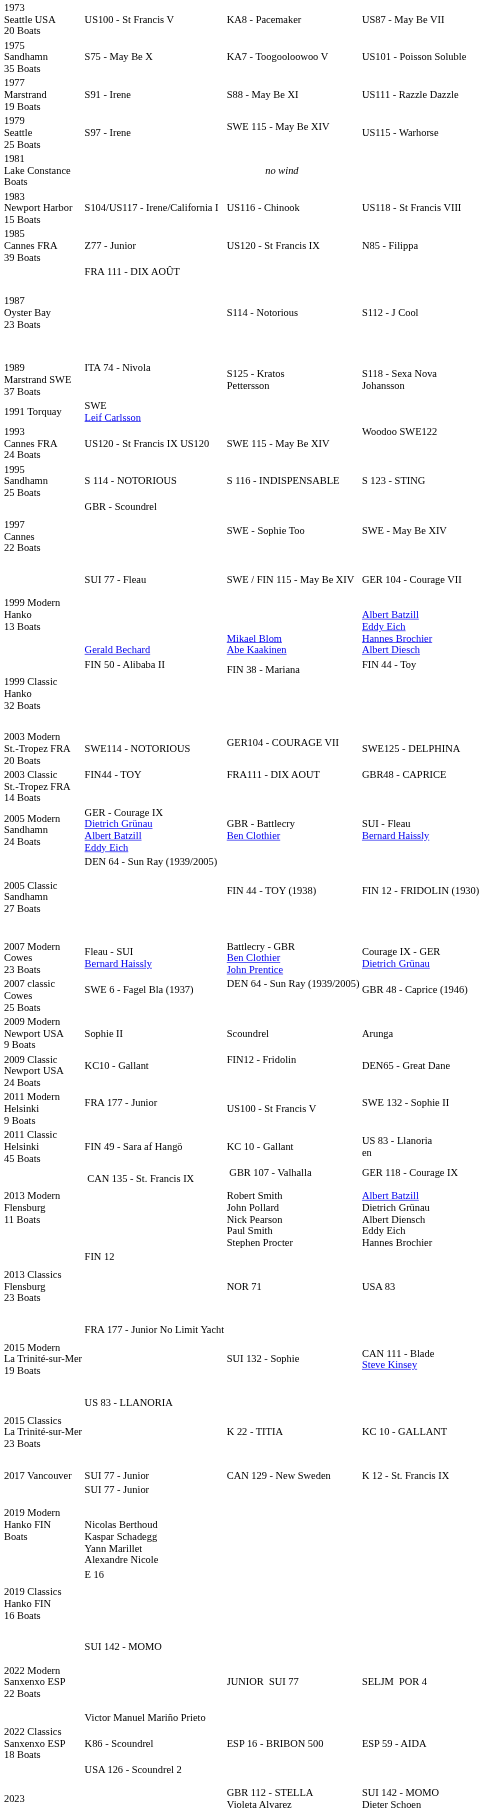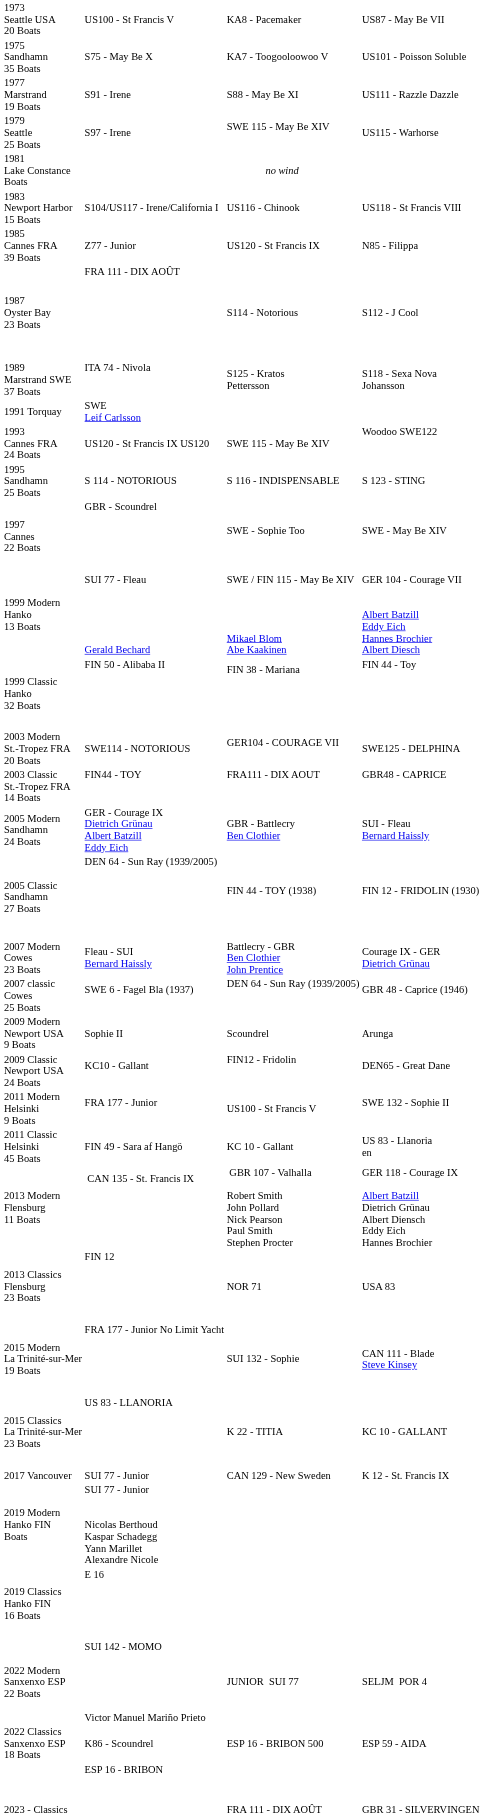 <table>
 <tr>
 <td>1973 <br>Seattle USA<br>20 Boats</td>
 <td>US100 - St Francis V<br></td>
 <td>KA8 - Pacemaker<br></td>
 <td>US87 - May Be VII<br></td>
 </tr>
 <tr>
 <td>1975 <br> Sandhamn<br>35 Boats</td>
 <td>S75 - May Be X<br></td>
 <td>KA7 - Toogooloowoo V</td>
 <td>US101 - Poisson Soluble</td>
 </tr>
 <tr>
 <td>1977 <br> Marstrand<br>19 Boats</td>
 <td>S91 - Irene<br></td>
 <td>S88 - May Be XI<br></td>
 <td>US111 - Razzle Dazzle<br></td>
 </tr>
 <tr>
 <td>1979 <br> Seattle<br>25 Boats</td>
 <td>S97 - Irene<br></td>
 <td>SWE 115 - May Be XIV<br><br></td>
 <td>US115 - Warhorse<br></td>
 </tr>
 <tr>
 <td>1981 <br> Lake Constance<br> Boats</td>
 <td colspan="3" style="text-align:center;"><em>no wind</em></td>
 </tr>
 <tr>
 <td>1983<br>Newport Harbor<br>15 Boats</td>
 <td>S104/US117 - Irene/California I<br></td>
 <td>US116 - Chinook <br></td>
 <td>US118 - St Francis VIII <br></td>
 </tr>
 <tr>
 <td>1985<br>Cannes FRA<br>39 Boats</td>
 <td>Z77 - Junior<br></td>
 <td>US120 - St Francis IX<br></td>
 <td>N85 - Filippa<br></td>
 </tr>
 <tr>
 <td>1987<br>Oyster Bay<br>23 Boats</td>
 <td>FRA 111 - DIX AOÛT<br><br><br> <br> <br> <br> <br> <br></td>
 <td>S114 - Notorious<br></td>
 <td>S112 - J Cool<br></td>
 </tr>
 <tr>
 <td>1989<br>Marstrand SWE<br>37 Boats</td>
 <td>ITA 74 - Nivola<br><br><br> </td>
 <td>S125 - Kratos <br>Pettersson</td>
 <td>S118 - Sexa Nova <br>Johansson</td>
 </tr>
 <tr>
 <td>1991 Torquay</td>
 <td>SWE<br><a href='#'>Leif Carlsson</a></td>
 <td></td>
 <td></td>
 </tr>
 <tr>
 <td>1993 <br> Cannes FRA<br> 24 Boats</td>
 <td>US120 - St Francis IX US120<br></td>
 <td>SWE 115 - May Be XIV<br> </td>
 <td>Woodoo SWE122 <br><br><br> </td>
 </tr>
 <tr>
 <td>1995 <br> Sandhamn <br>25 Boats</td>
 <td>S 114 - NOTORIOUS <br></td>
 <td>S 116 - INDISPENSABLE<br></td>
 <td>S 123 - STING<br></td>
 </tr>
 <tr>
 <td>1997<br> Cannes<br>22 Boats</td>
 <td>GBR - Scoundrel<br><br><br> <br> <br> <br> </td>
 <td>SWE - Sophie Too<br><br></td>
 <td>SWE - May Be XIV<br><br></td>
 </tr>
 <tr>
 <td>1999 Modern<br>Hanko<br>13 Boats</td>
 <td>SUI 77 - Fleau<br><br><br> <br> <br> <br> <a href='#'>Gerald Bechard</a></td>
 <td>SWE / FIN 115 - May Be XIV<br><br><br> <br> <br> <a href='#'>Mikael Blom</a><br> <a href='#'>Abe Kaakinen</a></td>
 <td>GER 104 - Courage VII<br><br><br> <a href='#'>Albert Batzill</a><br> <a href='#'>Eddy Eich</a><br> <a href='#'>Hannes Brochier</a><br> <a href='#'>Albert Diesch</a></td>
 </tr>
 <tr>
 <td>1999 Classic<br>Hanko<br>32 Boats</td>
 <td>FIN 50 - Alibaba II<br><br><br> <br> <br> <br> </td>
 <td>FIN 38 - Mariana<br><br><br> <br> <br> </td>
 <td>FIN 44 - Toy<br><br><br> <br> <br> <br> </td>
 </tr>
 <tr>
 <td>2003 Modern<br>St.-Tropez FRA <br>20 Boats</td>
 <td>SWE114 - NOTORIOUS<br></td>
 <td>GER104 - COURAGE VII <br><br></td>
 <td>SWE125 - DELPHINA<br></td>
 </tr>
 <tr>
 <td>2003 Classic<br>St.-Tropez FRA <br>14 Boats</td>
 <td>FIN44 - TOY<br><br><br> </td>
 <td>FRA111 - DIX AOUT<br><br><br> </td>
 <td>GBR48 - CAPRICE<br><br><br> </td>
 </tr>
 <tr>
 <td>2005 Modern<br>Sandhamn<br>24 Boats</td>
 <td>GER - Courage IX<br><a href='#'>Dietrich Grünau</a><br><a href='#'>Albert Batzill</a><br><a href='#'>Eddy Eich</a></td>
 <td>GBR - Battlecry<br><a href='#'>Ben Clothier</a></td>
 <td>SUI - Fleau<br><a href='#'>Bernard Haissly</a></td>
 </tr>
 <tr>
 <td>2005 Classic<br>Sandhamn<br>27 Boats</td>
 <td>DEN 64 - Sun Ray (1939/2005) <br><br><br> <br> <br> <br> <br></td>
 <td>FIN 44 - TOY (1938)<br><br></td>
 <td>FIN 12 - FRIDOLIN (1930)<br><br></td>
 </tr>
 <tr>
 <td>2007 Modern<br>Cowes<br>23 Boats</td>
 <td>Fleau - SUI<br><a href='#'>Bernard Haissly</a></td>
 <td>Battlecry - GBR<br><a href='#'>Ben Clothier</a><br><a href='#'>John Prentice</a></td>
 <td>Courage IX - GER<br><a href='#'>Dietrich Grünau</a></td>
 </tr>
 <tr>
 <td>2007 classic<br>Cowes<br>25 Boats</td>
 <td>SWE 6 - Fagel Bla (1937)<br><br></td>
 <td>DEN 64 - Sun Ray (1939/2005)<br><br><br> </td>
 <td>GBR 48 - Caprice  (1946)<br><br></td>
 </tr>
 <tr>
 <td>2009 Modern<br>Newport USA<br>9 Boats</td>
 <td>Sophie II<br></td>
 <td>Scoundrel<br></td>
 <td>Arunga<br></td>
 </tr>
 <tr>
 <td>2009 Classic<br>Newport USA<br>24 Boats</td>
 <td>KC10 - Gallant<br><br></td>
 <td>FIN12 - Fridolin<br><br><br> </td>
 <td>DEN65 - Great Dane<br><br></td>
 </tr>
 <tr>
 <td>2011 Modern<br>Helsinki<br>9 Boats</td>
 <td>FRA 177 - Junior<br><br></td>
 <td>US100 - St Francis V<br></td>
 <td>SWE 132 - Sophie II<br><br></td>
 </tr>
 <tr>
 <td>2011 Classic<br>Helsinki<br>45 Boats</td>
 <td>FIN 49 - Sara af Hangö<br></td>
 <td>KC 10 - Gallant<br></td>
 <td>US 83 - Llanoria<br>en</td>
 </tr>
 <tr>
 <td>2013 Modern<br>Flensburg<br>11 Boats</td>
 <td> CAN 135 - St. Francis IX<br><br><br> <br> <br>  <br></td>
 <td> GBR 107 - Valhalla<br><br>Robert Smith<br> John Pollard<br> Nick Pearson<br> Paul Smith<br> Stephen Procter</td>
 <td>GER 118 - Courage IX<br><br><a href='#'>Albert Batzill</a><br> Dietrich Grünau<br> Albert Diensch<br> Eddy Eich<br> Hannes Brochier</td>
 </tr>
 <tr>
 <td>2013 Classics<br>Flensburg<br>23 Boats</td>
 <td>FIN 12<br><br><br><br> <br> <br> </td>
 <td>NOR 71 <br></td>
 <td>USA 83 <br></td>
 </tr>
 <tr>
 <td>2015 Modern<br>La Trinité-sur-Mer<br>19 Boats</td>
 <td>FRA 177 - Junior No Limit Yacht<br><br><br> <br> <br> <br> </td>
 <td>SUI 132 - Sophie<br></td>
 <td>CAN 111 - Blade<br><a href='#'>Steve Kinsey</a></td>
 </tr>
 <tr>
 <td>2015 Classics<br>La Trinité-sur-Mer<br>23 Boats</td>
 <td>US 83 - LLANORIA<br><br><br><br><br><br></td>
 <td>K 22 - TITIA<br></td>
 <td>KC 10 - GALLANT<br></td>
 </tr>
 <tr>
 <td>2017 Vancouver</td>
 <td>SUI 77 - Junior<br></td>
 <td>CAN 129 - New Sweden<br></td>
 <td>K 12 - St. Francis IX<br></td>
 </tr>
 <tr>
 <td>2019 Modern<br>Hanko FIN<br> Boats</td>
 <td>SUI 77 - Junior<br><br><br> Nicolas Berthoud<br> Kaspar Schadegg<br> Yann Marillet<br> Alexandre Nicole</td>
 <td></td>
 <td></td>
 </tr>
 <tr>
 <td>2019 Classics<br>Hanko FIN<br>16 Boats</td>
 <td>E 16<br><br><br><br> <br> <br> </td>
 <td></td>
 <td></td>
 </tr>
 <tr>
 <td>2022 Modern<br>Sanxenxo ESP<br>22 Boats</td>
 <td>SUI 142 - MOMO<br><br><br> <br> <br> <br> Victor Manuel Mariño Prieto</td>
 <td>JUNIOR	 SUI 77</td>
 <td>SELJM	 POR 4</td>
 <td></td>
 </tr>
 <tr>
 <td>2022 Classics<br>Sanxenxo ESP<br>18 Boats</td>
 <td>K86 - Scoundrel<br></td>
 <td>ESP 16 - BRIBON 500</td>
 <td>ESP 59 - AIDA</td>
 <td></td>
 </tr>
 <tr>
-<td>2023</td>
-<td>USA 126 - Scoundrel 2<br><br><br> <br> <br> <br> </td>
-<td>GBR 112 - STELLA<br>Violeta Alvarez</td>
-<td>SUI 142 - MOMO<br>Dieter Schoen</td>
+<td>2023 - Classics</td>
+<td>ESP 16 - BRIBON<br><br><br> <br> <br> <br> <br> <br></td>
+<td>FRA 111 - DIX AOÛT</td>
+<td>GBR 31 - SILVERVINGEN</td>
 <td></td>
 </tr>
 <tr>
 </tr>
 </table>
